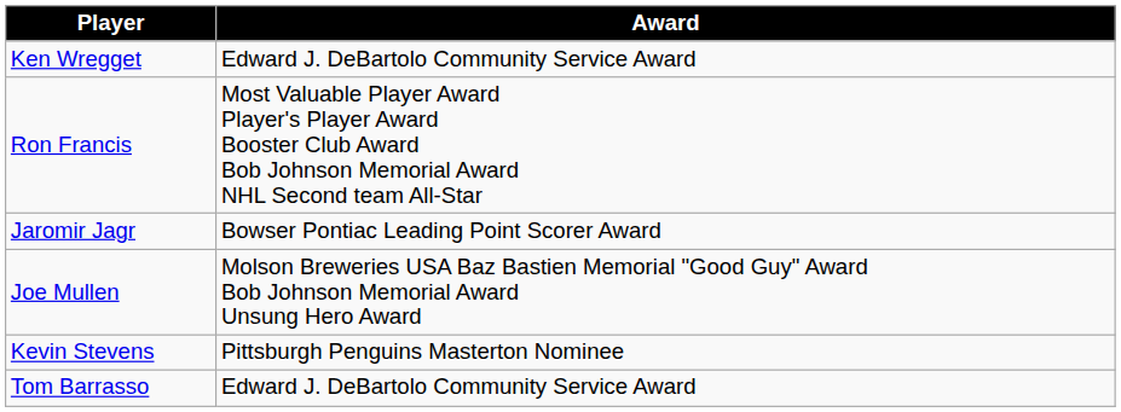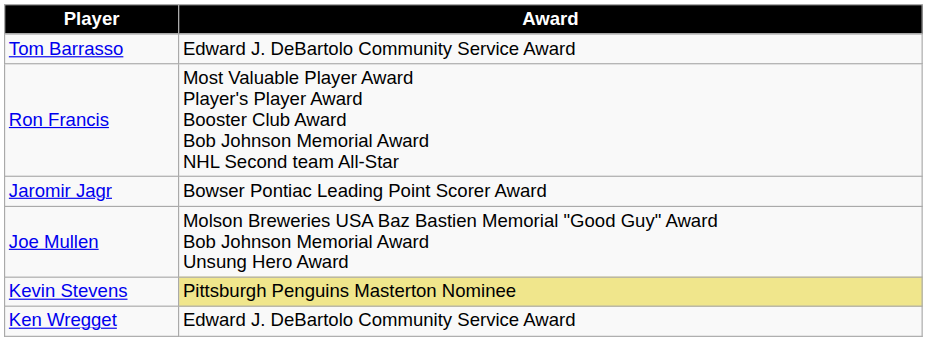 <table class="wikitable" style="width:50%;">
 <tr style="background:#ddd;">
 <th style="color:white; background:#000000; ">Player</th>
 <th style="color:white; background:#000000; ">Award</th>
 </tr>
 <tr>
-<td><a href='#'>Ken Wregget</a></td>
+<td><a href='#'>Tom Barrasso</a></td>
 <td>Edward J. DeBartolo Community Service Award</td>
 </tr>
 <tr>
 <td><a href='#'>Ron Francis</a></td>
 <td>Most Valuable Player Award<br>Player's Player Award<br>Booster Club Award<br>Bob Johnson Memorial Award<br>NHL Second team All-Star</td>
 </tr>
 <tr>
 <td><a href='#'>Jaromir Jagr</a></td>
 <td>Bowser Pontiac Leading Point Scorer Award</td>
 </tr>
 <tr>
 <td><a href='#'>Joe Mullen</a></td>
 <td>Molson Breweries USA Baz Bastien Memorial "Good Guy" Award<br>Bob Johnson Memorial Award<br>Unsung Hero Award</td>
 </tr>
 <tr>
 <td><a href='#'>Kevin Stevens</a></td>
-<td>Pittsburgh Penguins Masterton Nominee</td>
+<td style="background: khaki;">Pittsburgh Penguins Masterton Nominee</td>
 </tr>
 <tr>
-<td><a href='#'>Tom Barrasso</a></td>
+<td><a href='#'>Ken Wregget</a></td>
 <td>Edward J. DeBartolo Community Service Award</td>
 </tr>
 </table>
